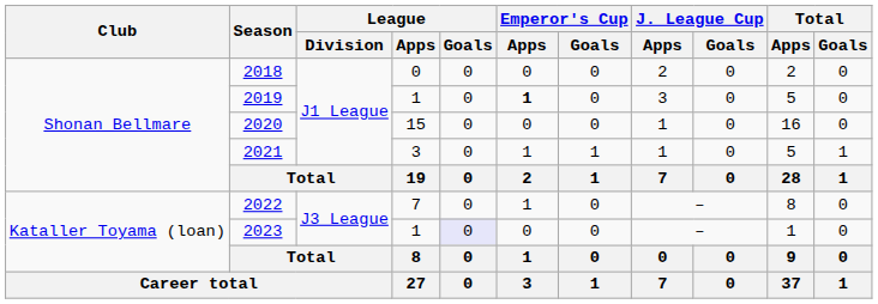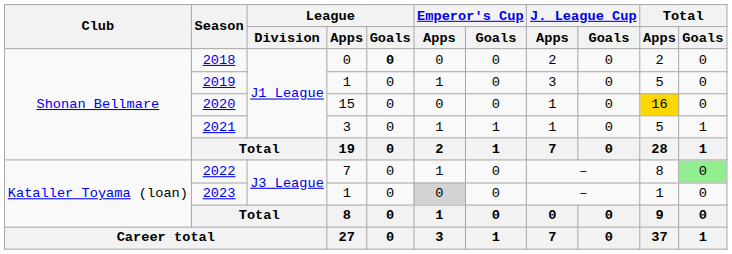 <table class="wikitable" style="text-align:center;">
 <tr>
 <th rowspan=2>Club</th>
 <th rowspan=2>Season</th>
 <th colspan=3>League</th>
 <th colspan=2><a href='#'>Emperor's Cup</a></th>
 <th colspan=2><a href='#'>J. League Cup</a></th>
 <th colspan=2>Total</th>
 </tr>
 <tr>
 <th>Division</th>
 <th>Apps</th>
 <th>Goals</th>
 <th>Apps</th>
 <th>Goals</th>
 <th>Apps</th>
 <th>Goals</th>
 <th>Apps</th>
 <th>Goals</th>
 </tr>
 <tr>
 <td rowspan="5"><a href='#'>Shonan Bellmare</a></td>
 <td><a href='#'>2018</a></td>
 <td rowspan="4"><a href='#'>J1 League</a></td>
 <td>0</td>
-<td>0</td>
+<td><strong>0</strong></td>
 <td>0</td>
 <td>0</td>
 <td>2</td>
 <td>0</td>
 <td>2</td>
 <td>0</td>
 </tr>
 <tr>
 <td><a href='#'>2019</a></td>
 <td>1</td>
 <td>0</td>
-<td><strong>1</strong></td>
+<td>1</td>
 <td>0</td>
 <td>3</td>
 <td>0</td>
 <td>5</td>
 <td>0</td>
 </tr>
 <tr>
 <td><a href='#'>2020</a></td>
 <td>15</td>
 <td>0</td>
 <td>0</td>
 <td>0</td>
 <td>1</td>
 <td>0</td>
-<td>16</td>
+<td style="background: gold;">16</td>
 <td>0</td>
 </tr>
 <tr>
 <td><a href='#'>2021</a></td>
 <td>3</td>
 <td>0</td>
 <td>1</td>
 <td>1</td>
 <td>1</td>
 <td>0</td>
 <td>5</td>
 <td>1</td>
 </tr>
 <tr>
 <th colspan="2">Total</th>
 <th>19</th>
 <th>0</th>
 <th>2</th>
 <th>1</th>
 <th>7</th>
 <th>0</th>
 <th>28</th>
 <th>1</th>
 </tr>
 <tr>
 <td rowspan="3"><a href='#'>Kataller Toyama</a> (loan)</td>
 <td><a href='#'>2022</a></td>
 <td rowspan="2"><a href='#'>J3 League</a></td>
 <td>7</td>
 <td>0</td>
 <td>1</td>
 <td>0</td>
 <td colspan="2">–</td>
 <td>8</td>
-<td>0</td>
+<td style="background: lightgreen;">0</td>
 </tr>
 <tr>
 <td><a href='#'>2023</a></td>
 <td>1</td>
-<td style="background: lavender;">0</td>
 <td>0</td>
+<td style="background: lightgrey;">0</td>
 <td>0</td>
 <td colspan="2">–</td>
 <td>1</td>
 <td>0</td>
 </tr>
 <tr>
 <th colspan="2">Total</th>
 <th>8</th>
 <th>0</th>
 <th>1</th>
 <th>0</th>
 <th>0</th>
 <th>0</th>
 <th>9</th>
 <th>0</th>
 </tr>
 <tr>
 <th colspan=3>Career total</th>
 <th>27</th>
 <th>0</th>
 <th>3</th>
 <th>1</th>
 <th>7</th>
 <th>0</th>
 <th>37</th>
 <th>1</th>
 </tr>
 </table>
